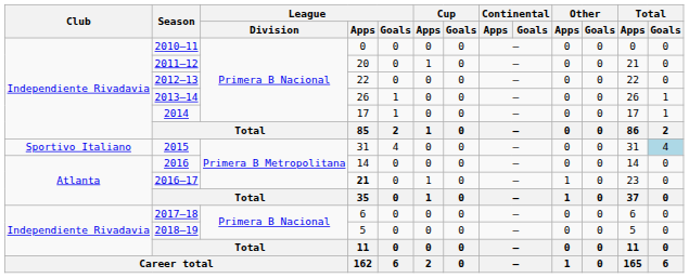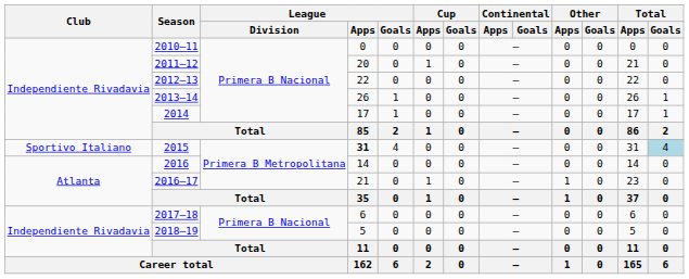 <table class="wikitable" style="text-align:center">
 <tr>
 <th rowspan="2">Club</th>
 <th rowspan="2">Season</th>
 <th colspan="3">League</th>
 <th colspan="2">Cup</th>
 <th colspan="2">Continental</th>
 <th colspan="2">Other</th>
 <th colspan="2">Total</th>
 </tr>
 <tr>
 <th>Division</th>
 <th>Apps</th>
 <th>Goals</th>
 <th>Apps</th>
 <th>Goals</th>
 <th>Apps</th>
 <th>Goals</th>
 <th>Apps</th>
 <th>Goals</th>
 <th>Apps</th>
 <th>Goals</th>
 </tr>
 <tr>
 <td rowspan="6"><a href='#'>Independiente Rivadavia</a></td>
 <td><a href='#'>2010–11</a></td>
 <td rowspan="5"><a href='#'>Primera B Nacional</a></td>
 <td>0</td>
 <td>0</td>
 <td>0</td>
 <td>0</td>
 <td colspan="2">—</td>
 <td>0</td>
 <td>0</td>
 <td>0</td>
 <td>0</td>
 </tr>
 <tr>
 <td><a href='#'>2011–12</a></td>
 <td>20</td>
 <td>0</td>
 <td>1</td>
 <td>0</td>
 <td colspan="2">—</td>
 <td>0</td>
 <td>0</td>
 <td>21</td>
 <td>0</td>
 </tr>
 <tr>
 <td><a href='#'>2012–13</a></td>
 <td>22</td>
 <td>0</td>
 <td>0</td>
 <td>0</td>
 <td colspan="2">—</td>
 <td>0</td>
 <td>0</td>
 <td>22</td>
 <td>0</td>
 </tr>
 <tr>
 <td><a href='#'>2013–14</a></td>
 <td>26</td>
 <td>1</td>
 <td>0</td>
 <td>0</td>
 <td colspan="2">—</td>
 <td>0</td>
 <td>0</td>
 <td>26</td>
 <td>1</td>
 </tr>
 <tr>
 <td><a href='#'>2014</a></td>
 <td>17</td>
 <td>1</td>
 <td>0</td>
 <td>0</td>
 <td colspan="2">—</td>
 <td>0</td>
 <td>0</td>
 <td>17</td>
 <td>1</td>
 </tr>
 <tr>
 <th colspan="2">Total</th>
 <th>85</th>
 <th>2</th>
 <th>1</th>
 <th>0</th>
 <th colspan="2">—</th>
 <th>0</th>
 <th>0</th>
 <th>86</th>
 <th>2</th>
 </tr>
 <tr>
 <td rowspan="1"><a href='#'>Sportivo Italiano</a></td>
 <td><a href='#'>2015</a></td>
 <td rowspan="3"><a href='#'>Primera B Metropolitana</a></td>
-<td>31</td>
+<td><strong>31</strong></td>
 <td>4</td>
 <td>0</td>
 <td>0</td>
 <td colspan="2">—</td>
 <td>0</td>
 <td>0</td>
 <td>31</td>
 <td style="background: lightblue;">4</td>
 </tr>
 <tr>
 <td rowspan="3"><a href='#'>Atlanta</a></td>
 <td><a href='#'>2016</a></td>
 <td>14</td>
 <td>0</td>
 <td>0</td>
 <td>0</td>
 <td colspan="2">—</td>
 <td>0</td>
 <td>0</td>
 <td>14</td>
 <td>0</td>
 </tr>
 <tr>
 <td><a href='#'>2016–17</a></td>
-<td><strong>21</strong></td>
+<td>21</td>
 <td>0</td>
 <td>1</td>
 <td>0</td>
 <td colspan="2">—</td>
 <td>1</td>
 <td>0</td>
 <td>23</td>
 <td>0</td>
 </tr>
 <tr>
 <th colspan="2">Total</th>
 <th>35</th>
 <th>0</th>
 <th>1</th>
 <th>0</th>
 <th colspan="2">—</th>
 <th>1</th>
 <th>0</th>
 <th>37</th>
 <th>0</th>
 </tr>
 <tr>
 <td rowspan="3"><a href='#'>Independiente Rivadavia</a></td>
 <td><a href='#'>2017–18</a></td>
 <td rowspan="2"><a href='#'>Primera B Nacional</a></td>
 <td>6</td>
 <td>0</td>
 <td>0</td>
 <td>0</td>
 <td colspan="2">—</td>
 <td>0</td>
 <td>0</td>
 <td>6</td>
 <td>0</td>
 </tr>
 <tr>
 <td><a href='#'>2018–19</a></td>
 <td>5</td>
 <td>0</td>
 <td>0</td>
 <td>0</td>
 <td colspan="2">—</td>
 <td>0</td>
 <td>0</td>
 <td>5</td>
 <td>0</td>
 </tr>
 <tr>
 <th colspan="2">Total</th>
 <th>11</th>
 <th>0</th>
 <th>0</th>
 <th>0</th>
 <th colspan="2">—</th>
 <th>0</th>
 <th>0</th>
 <th>11</th>
 <th>0</th>
 </tr>
 <tr>
 <th colspan="3">Career total</th>
 <th>162</th>
 <th>6</th>
 <th>2</th>
 <th>0</th>
 <th colspan="2">—</th>
 <th>1</th>
 <th>0</th>
 <th>165</th>
 <th>6</th>
 </tr>
 </table>
